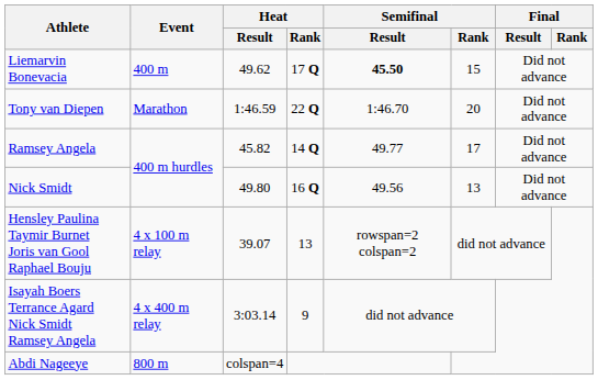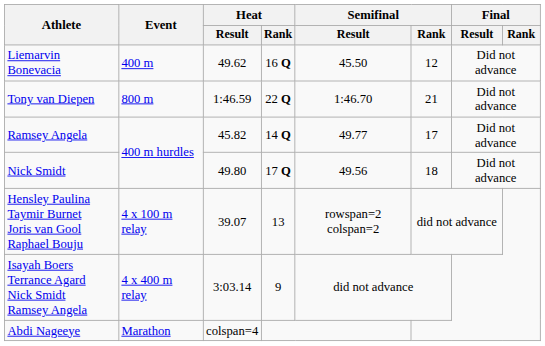 <table class="wikitable" style="font-size:90%">
 <tr>
 <th rowspan="2">Athlete</th>
 <th rowspan="2">Event</th>
 <th colspan="2">Heat</th>
 <th colspan="2">Semifinal</th>
 <th colspan="2">Final</th>
 </tr>
 <tr style="font-size:95%">
 <th>Result</th>
 <th>Rank</th>
 <th>Result</th>
 <th>Rank</th>
 <th>Result</th>
 <th>Rank</th>
 </tr>
 <tr align="center">
 <td align="left"><a href='#'>Liemarvin Bonevacia</a></td>
 <td rowspan="1" align="left"><a href='#'>400 m</a></td>
 <td>49.62</td>
-<td>17 <strong>Q</strong></td>
-<td><strong>45.50</strong></td>
-<td>15</td>
+<td>16 <strong>Q</strong></td>
+<td>45.50</td>
+<td>12</td>
 <td colspan=2>Did not advance</td>
 </tr>
 <tr align="center">
 <td align="left"><a href='#'>Tony van Diepen</a></td>
-<td rowspan="1" align="left"><a href='#'>Marathon</a></td>
+<td rowspan="1" align="left"><a href='#'>800 m</a></td>
 <td>1:46.59</td>
 <td>22 <strong>Q</strong></td>
 <td>1:46.70</td>
-<td>20</td>
+<td>21</td>
 <td colspan=2>Did not advance</td>
 </tr>
 <tr align="center">
 <td align="left"><a href='#'>Ramsey Angela</a></td>
 <td rowspan="2" align="left"><a href='#'>400 m hurdles</a></td>
 <td>45.82</td>
 <td>14 <strong>Q</strong></td>
 <td>49.77</td>
 <td>17</td>
 <td colspan=2>Did not advance</td>
 </tr>
 <tr align="center">
 <td align="left"><a href='#'>Nick Smidt</a></td>
 <td>49.80</td>
-<td>16 <strong>Q</strong></td>
+<td>17 <strong>Q</strong></td>
 <td>49.56</td>
-<td>13</td>
+<td>18</td>
 <td colspan=2>Did not advance</td>
 </tr>
 <tr align="center">
 <td align="left"><a href='#'>Hensley Paulina</a><br><a href='#'>Taymir Burnet</a><br><a href='#'>Joris van Gool</a><br><a href='#'>Raphael Bouju</a></td>
 <td rowspan="1" align="left"><a href='#'>4 x 100 m relay</a></td>
 <td>39.07</td>
 <td>13</td>
 <td>rowspan=2 colspan=2 </td>
 <td colspan=2>did not advance</td>
 </tr>
 <tr align="center">
 <td align="left"><a href='#'>Isayah Boers</a><br><a href='#'>Terrance Agard</a><br><a href='#'>Nick Smidt</a><br><a href='#'>Ramsey Angela</a></td>
 <td rowspan="1" align="left"><a href='#'>4 x 400 m relay</a></td>
 <td>3:03.14</td>
 <td>9</td>
 <td colspan=2>did not advance</td>
 </tr>
 <tr align="center">
 <td align="left"><a href='#'>Abdi Nageeye</a></td>
-<td rowspan="1" align="left"><a href='#'>800 m</a></td>
+<td rowspan="1" align="left"><a href='#'>Marathon</a></td>
 <td>colspan=4 </td>
 <td colspan=2></td>
 </tr>
 </table>
